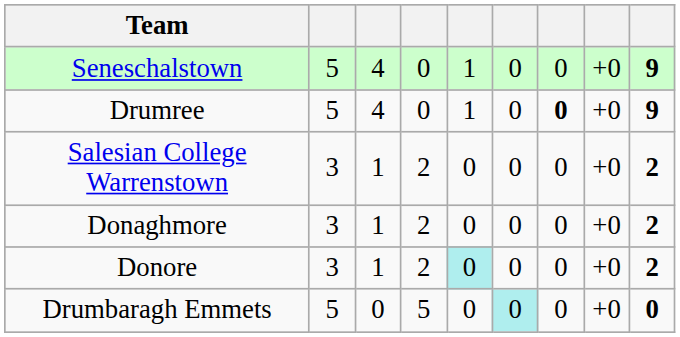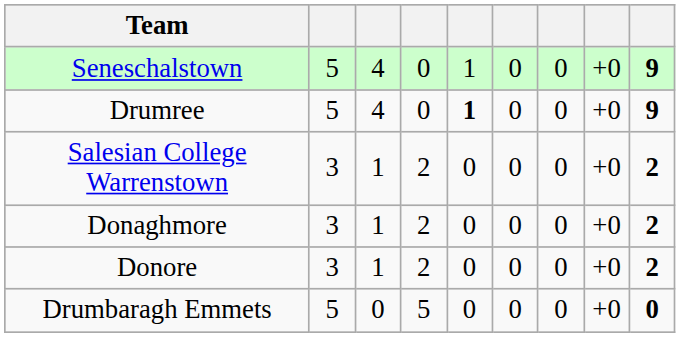 <table class="wikitable" style="text-align:center">
 <tr>
 <th width="175">Team</th>
 <th width="20"></th>
 <th width="20"></th>
 <th width="20"></th>
 <th width="20"></th>
 <th width="20"></th>
 <th width="20"></th>
 <th width="20"></th>
 <th width="20"></th>
 </tr>
 <tr style="background:#cfc;">
 <td><a href='#'>Seneschalstown</a></td>
 <td>5</td>
 <td>4</td>
 <td>0</td>
 <td>1</td>
 <td>0</td>
 <td>0</td>
 <td>+0</td>
 <td><strong>9</strong></td>
 </tr>
 <tr>
 <td>Drumree</td>
 <td>5</td>
 <td>4</td>
 <td>0</td>
-<td>1</td>
+<td><strong>1</strong></td>
 <td>0</td>
-<td><strong>0</strong></td>
+<td>0</td>
 <td>+0</td>
 <td><strong>9</strong></td>
 </tr>
 <tr>
 <td><a href='#'>Salesian College Warrenstown</a></td>
 <td>3</td>
 <td>1</td>
 <td>2</td>
 <td>0</td>
 <td>0</td>
 <td>0</td>
 <td>+0</td>
 <td><strong>2</strong></td>
 </tr>
 <tr>
 <td>Donaghmore</td>
 <td>3</td>
 <td>1</td>
 <td>2</td>
 <td>0</td>
 <td>0</td>
 <td>0</td>
 <td>+0</td>
 <td><strong>2</strong></td>
 </tr>
 <tr>
 <td>Donore</td>
 <td>3</td>
 <td>1</td>
 <td>2</td>
-<td style="background: paleturquoise;">0</td>
+<td>0</td>
 <td>0</td>
 <td>0</td>
 <td>+0</td>
 <td><strong>2</strong></td>
 </tr>
 <tr>
 <td>Drumbaragh Emmets</td>
 <td>5</td>
 <td>0</td>
 <td>5</td>
 <td>0</td>
-<td style="background: paleturquoise;">0</td>
+<td>0</td>
 <td>0</td>
 <td>+0</td>
 <td><strong>0</strong></td>
 </tr>
 </table>
